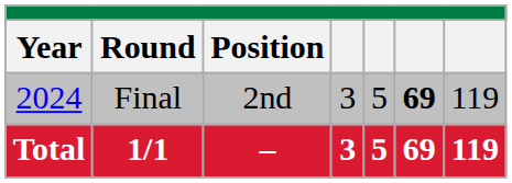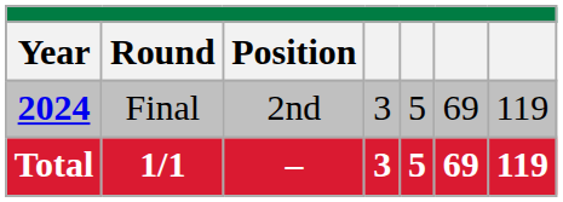 <table class="wikitable" style="text-align: center;">
 <tr>
 <th style="background:#007C43;" colspan="7"><a href='#'></a></th>
 </tr>
 <tr>
 <th>Year</th>
 <th>Round</th>
 <th>Position</th>
 <th></th>
 <th></th>
 <th></th>
 <th></th>
 </tr>
 <tr style="background:#C0C0C0;">
-<td> <a href='#'>2024</a></td>
+<td><strong> <a href='#'>2024</a></strong></td>
 <td>Final</td>
 <td>2nd</td>
 <td>3</td>
 <td>5</td>
-<td><strong>69</strong></td>
+<td>69</td>
 <td>119</td>
 </tr>
 <tr>
 <th style="color:white; background:#DA1A31;">Total</th>
 <th style="color:white; background:#DA1A31;">1/1</th>
 <th style="color:white; background:#DA1A31;">–</th>
 <th style="color:white; background:#DA1A31;">3</th>
 <th style="color:white; background:#DA1A31;">5</th>
 <th style="color:white; background:#DA1A31;">69</th>
 <th style="color:white; background:#DA1A31;">119</th>
 </tr>
 </table>
